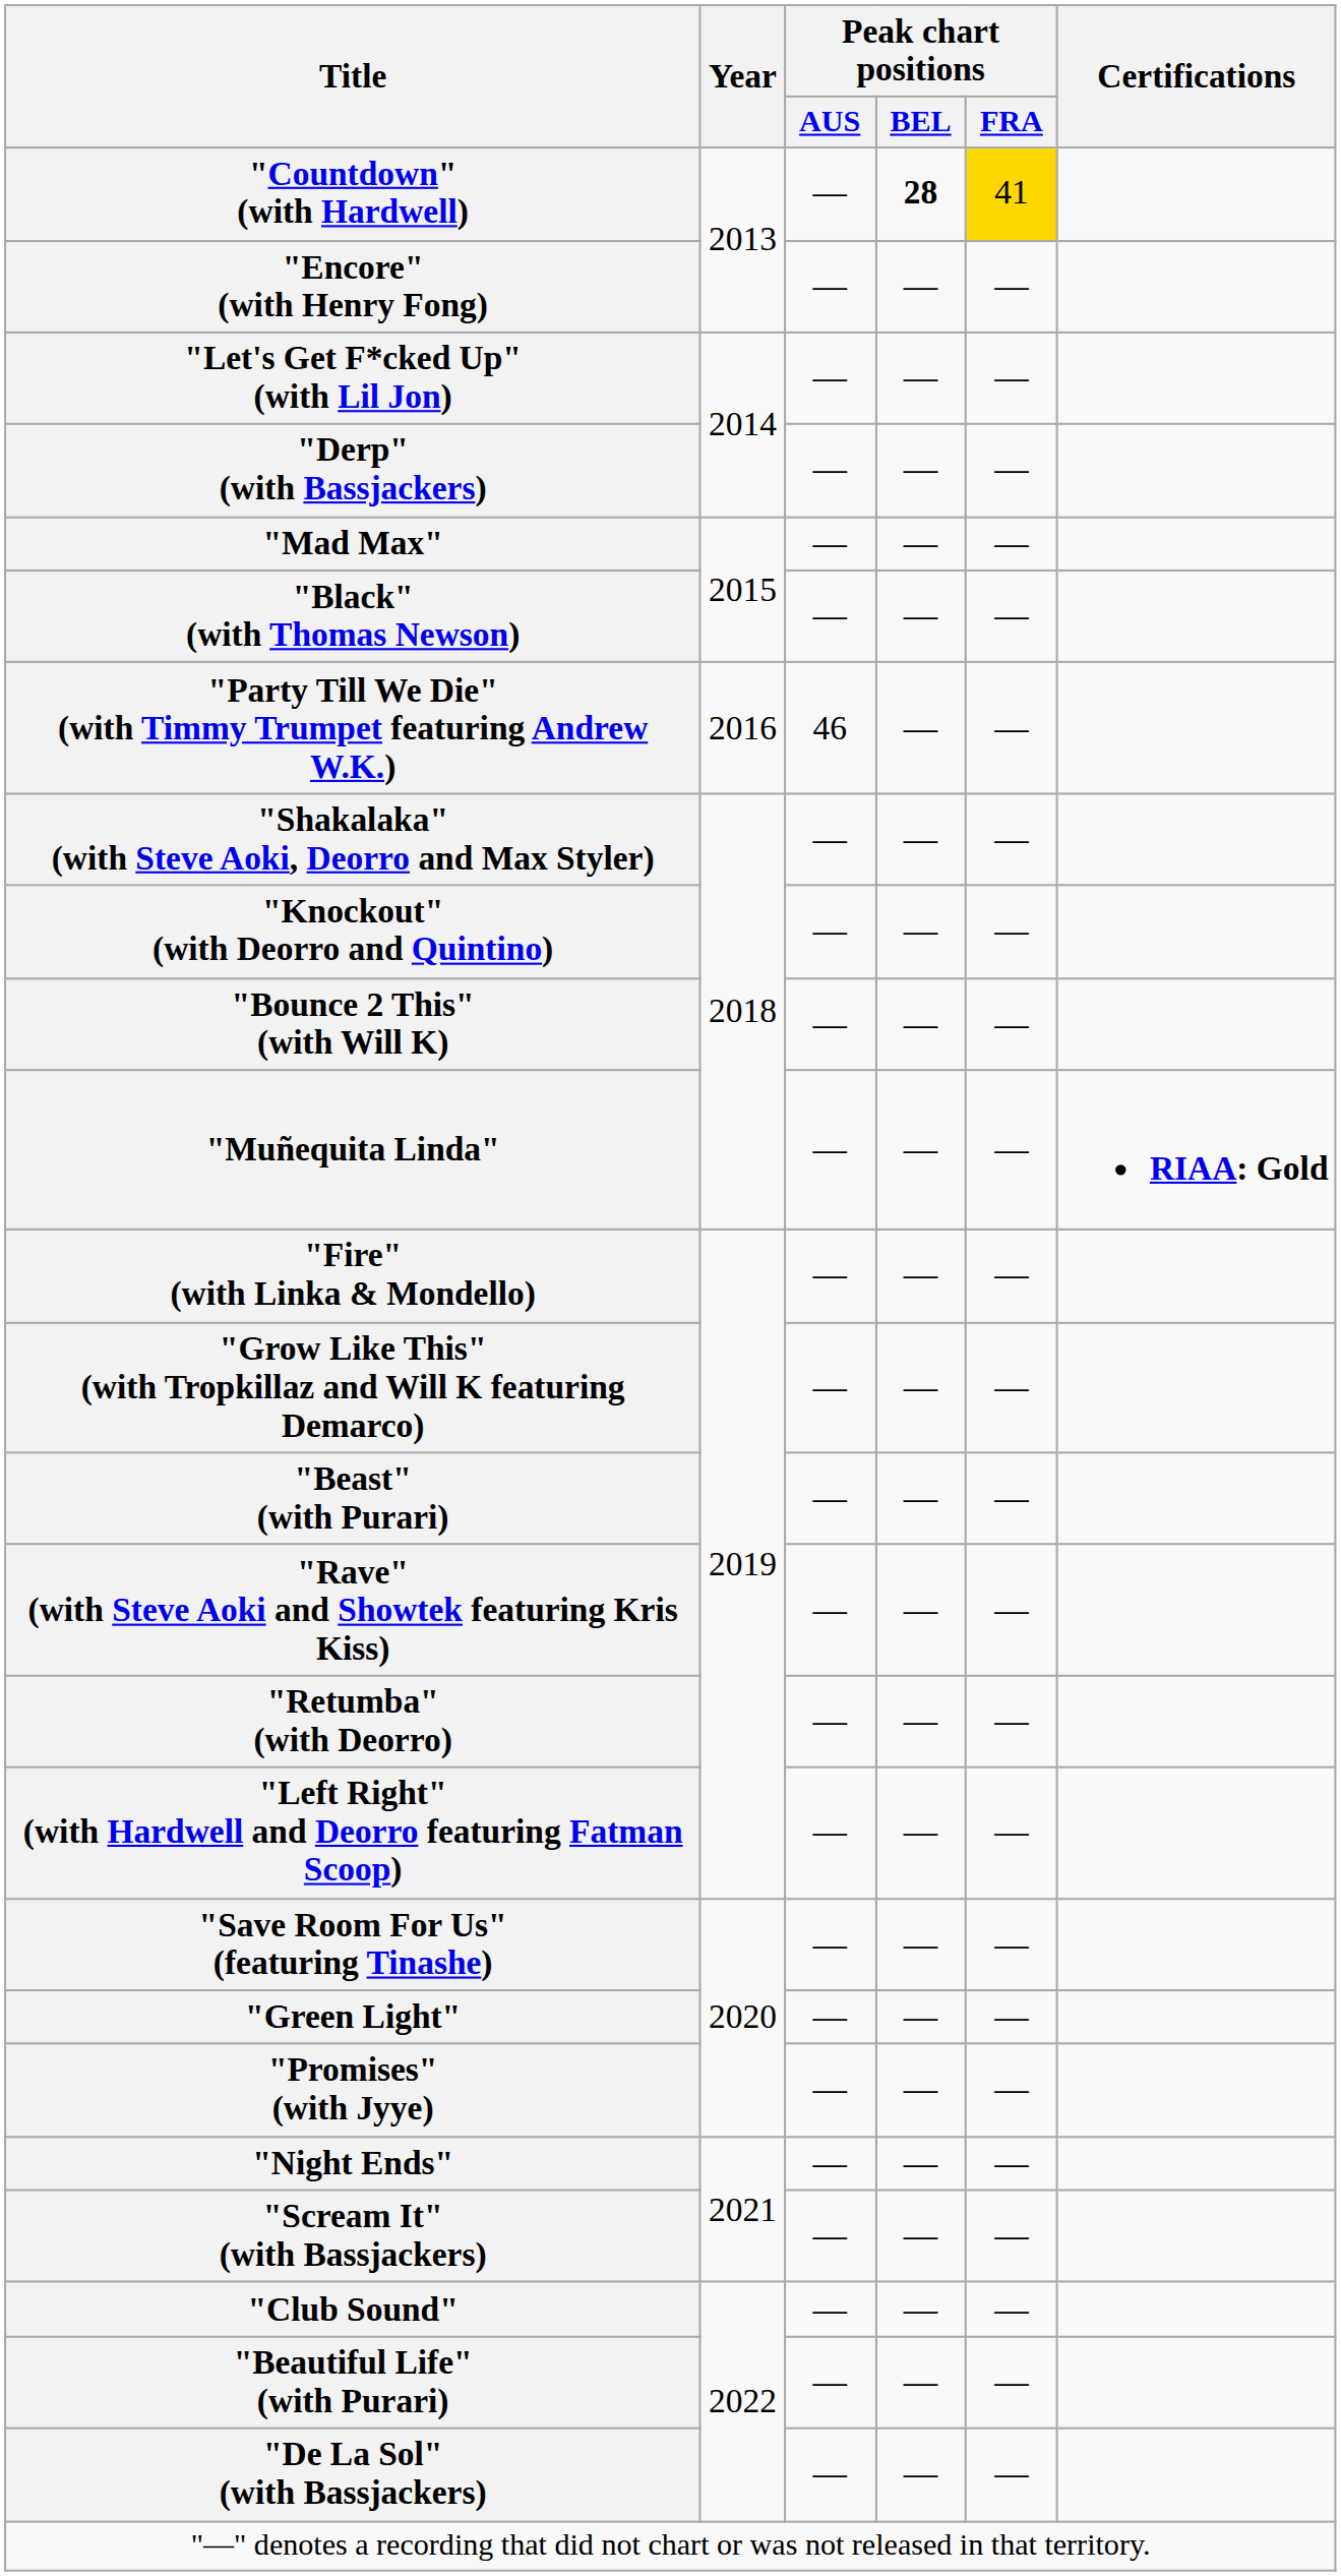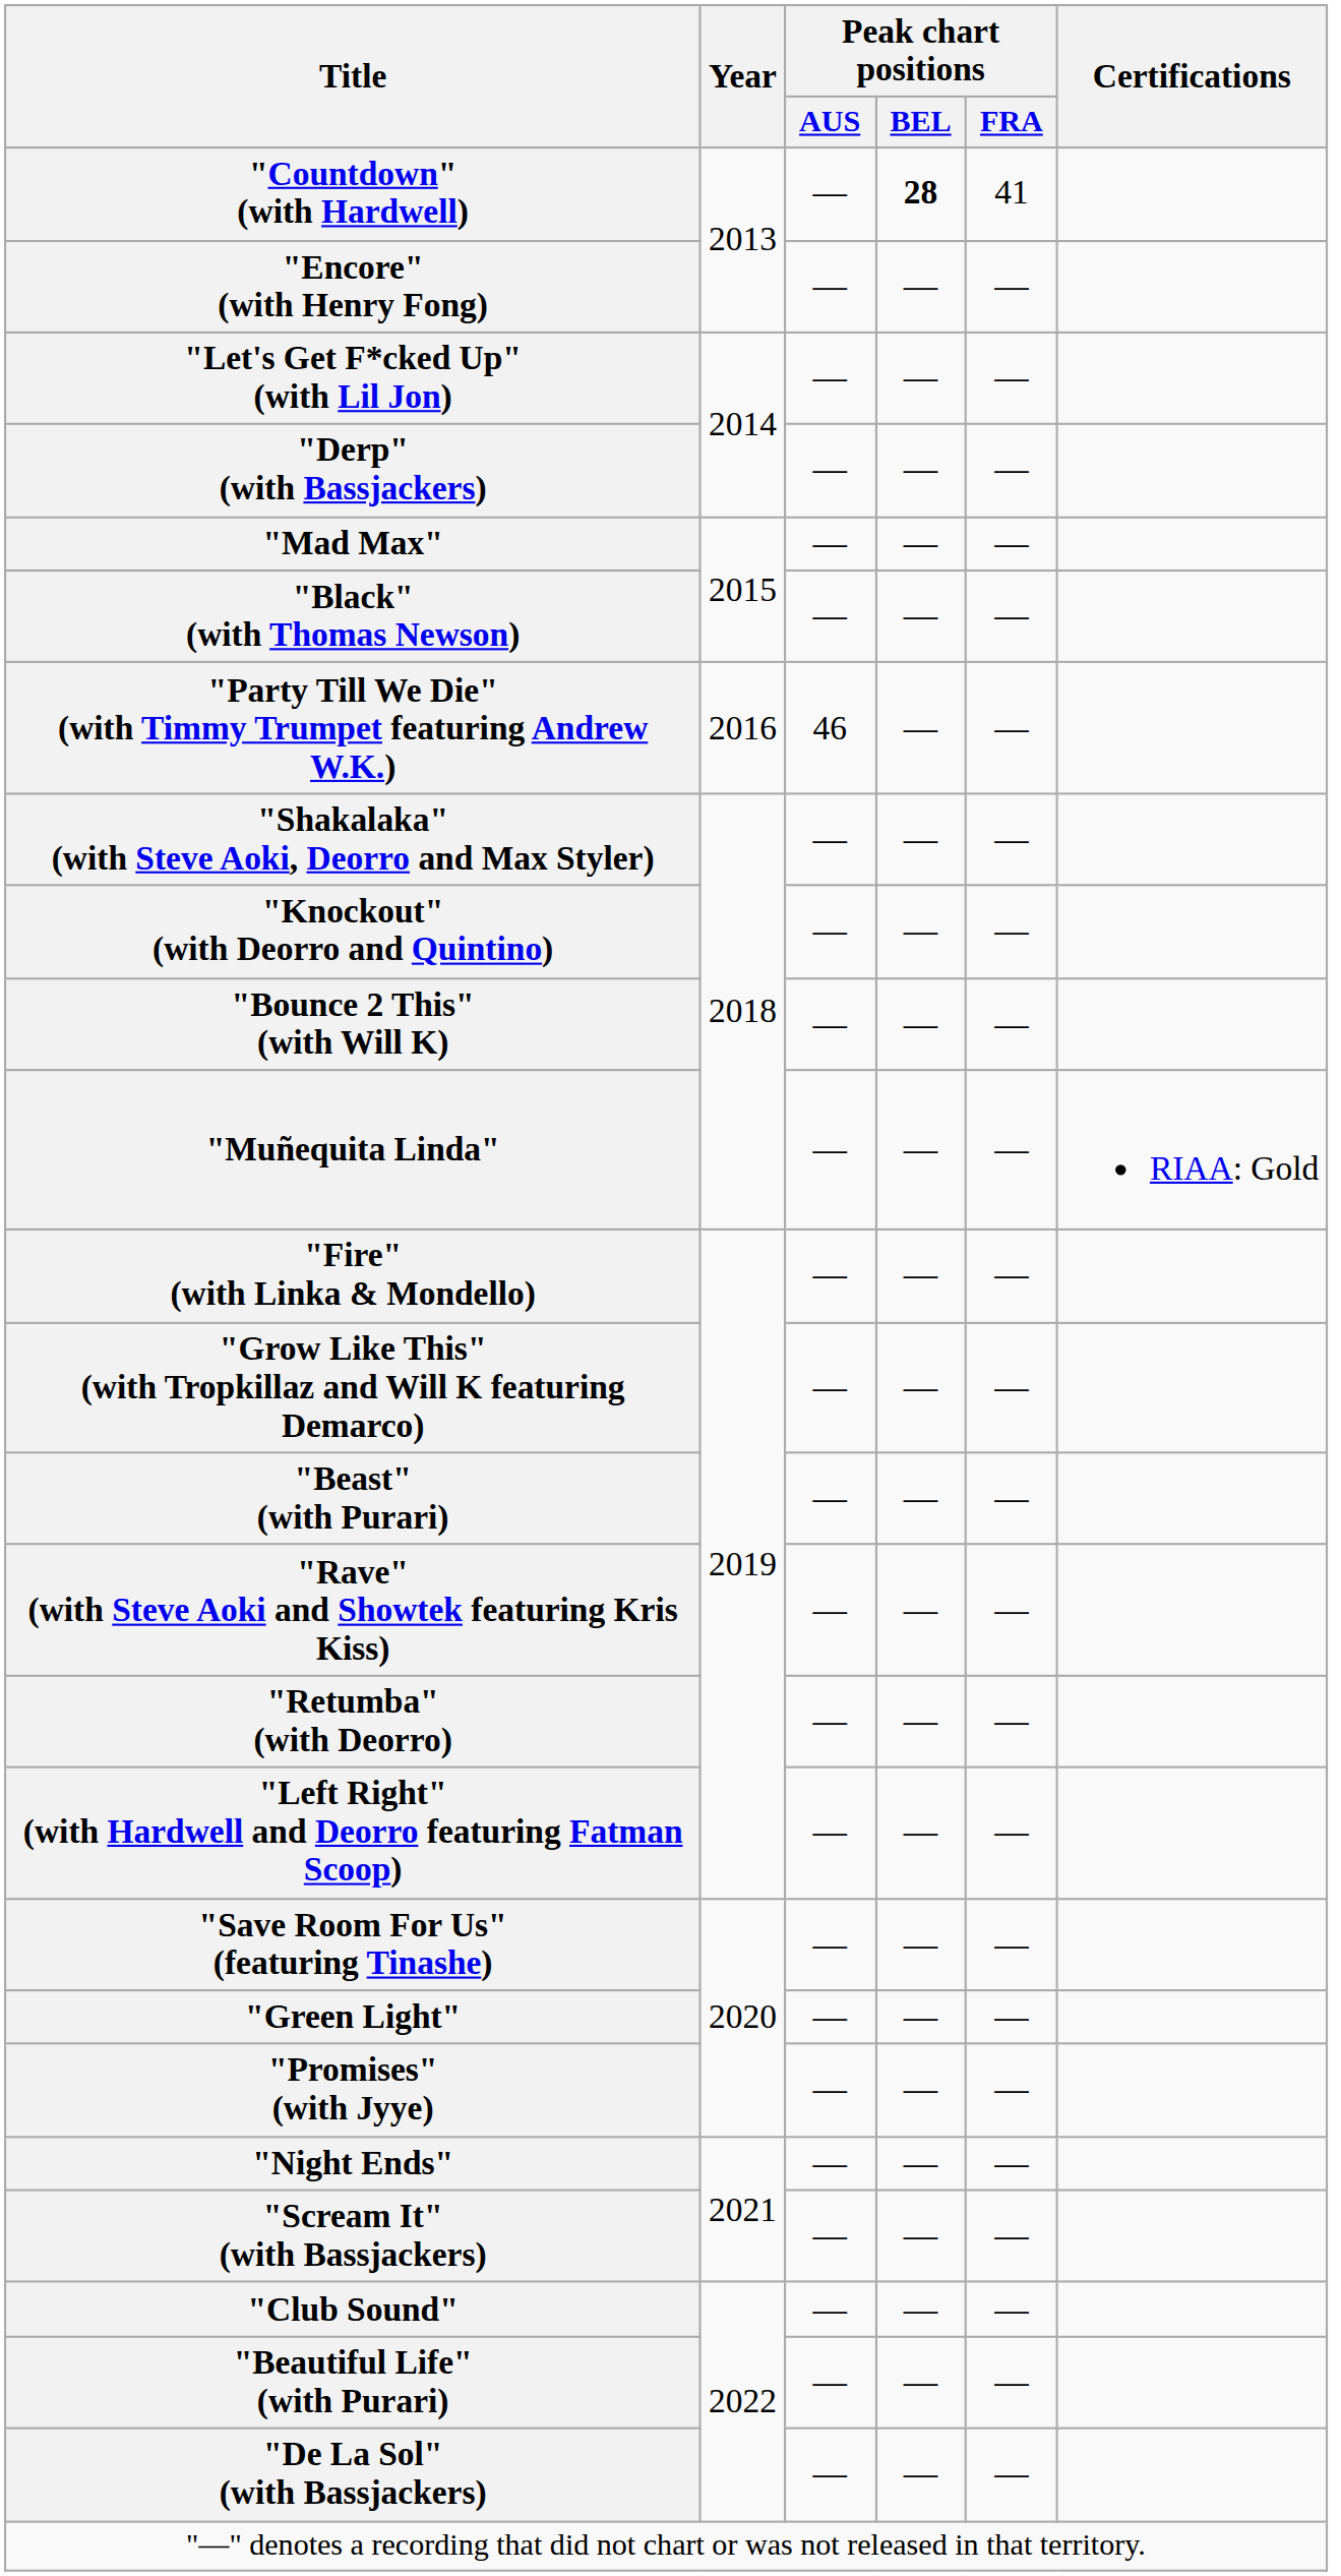 <table class="wikitable plainrowheaders" style="text-align:center;">
 <tr>
 <th scope="col" rowspan="2" style="width:20em;">Title</th>
 <th scope="col" rowspan="2" style="width:1em;">Year</th>
 <th scope="col" colspan="3">Peak chart positions</th>
 <th scope="col" rowspan="2">Certifications</th>
 </tr>
 <tr>
 <th scope="col" style="width:2.5em;font-size:90%;"><a href='#'>AUS</a><br></th>
 <th scope="col" style="width:2.5em;font-size:90%;"><a href='#'>BEL</a></th>
 <th scope="col" style="width:2.5em;font-size:90%;"><a href='#'>FRA</a></th>
 </tr>
 <tr>
 <th scope="row">"<a href='#'>Countdown</a>"<br><span>(with <a href='#'>Hardwell</a>)</span></th>
 <td rowspan="2">2013</td>
 <td>—</td>
 <td><strong>28</strong></td>
-<td style="background: gold;">41</td>
+<td>41</td>
 <td></td>
 </tr>
 <tr>
 <th scope="row">"Encore"<br><span>(with Henry Fong)</span></th>
 <td>—</td>
 <td>—</td>
 <td>—</td>
 <td></td>
 </tr>
 <tr>
 <th scope="row">"Let's Get F*cked Up"<br><span>(with <a href='#'>Lil Jon</a>)</span></th>
 <td rowspan="2">2014</td>
 <td>—</td>
 <td>—</td>
 <td>—</td>
 <td></td>
 </tr>
 <tr>
 <th scope="row">"Derp"<br><span>(with <a href='#'>Bassjackers</a>)</span></th>
 <td>—</td>
 <td>—</td>
 <td>—</td>
 <td></td>
 </tr>
 <tr>
 <th scope="row">"Mad Max"</th>
 <td rowspan="2">2015</td>
 <td>—</td>
 <td>—</td>
 <td>—</td>
 <td></td>
 </tr>
 <tr>
 <th scope="row">"Black"<br><span>(with <a href='#'>Thomas Newson</a>)</span></th>
 <td>—</td>
 <td>—</td>
 <td>—</td>
 <td></td>
 </tr>
 <tr>
 <th scope="row">"Party Till We Die"<br><span>(with <a href='#'>Timmy Trumpet</a> featuring <a href='#'>Andrew W.K.</a>)</span></th>
 <td>2016</td>
 <td>46</td>
 <td>—</td>
 <td>—</td>
 <td></td>
 </tr>
 <tr>
 <th scope="row">"Shakalaka"<br><span>(with <a href='#'>Steve Aoki</a>, <a href='#'>Deorro</a> and Max Styler)</span></th>
 <td rowspan="4">2018</td>
 <td>—</td>
 <td>—</td>
 <td>—</td>
 <td></td>
 </tr>
 <tr>
 <th scope="row">"Knockout"<br><span>(with Deorro and <a href='#'>Quintino</a>)</span></th>
 <td>—</td>
 <td>—</td>
 <td>—</td>
 <td></td>
 </tr>
 <tr>
 <th scope="row">"Bounce 2 This"<br><span>(with Will K)</span></th>
 <td>—</td>
 <td>—</td>
 <td>—</td>
 <td></td>
 </tr>
 <tr>
 <th scope="row">"Muñequita Linda"<br></th>
 <td>—</td>
 <td>—</td>
 <td>—</td>
-<td><strong><br><ul><li><a href='#'>RIAA</a>: Gold </li></ul></strong></td>
+<td><br><ul><li><a href='#'>RIAA</a>: Gold </li></ul></td>
 </tr>
 <tr>
 <th scope="row">"Fire"<br><span>(with Linka & Mondello)</span></th>
 <td rowspan="6">2019</td>
 <td>—</td>
 <td>—</td>
 <td>—</td>
 <td></td>
 </tr>
 <tr>
 <th scope="row">"Grow Like This"<br><span>(with Tropkillaz and Will K featuring Demarco)</span></th>
 <td>—</td>
 <td>—</td>
 <td>—</td>
 <td></td>
 </tr>
 <tr>
 <th scope="row">"Beast"<br><span>(with Purari)</span></th>
 <td>—</td>
 <td>—</td>
 <td>—</td>
 <td></td>
 </tr>
 <tr>
 <th scope="row">"Rave"<br><span>(with <a href='#'>Steve Aoki</a> and <a href='#'>Showtek</a> featuring Kris Kiss)</span></th>
 <td>—</td>
 <td>—</td>
 <td>—</td>
 <td></td>
 </tr>
 <tr>
 <th scope="row">"Retumba"<br><span>(with Deorro)</span></th>
 <td>—</td>
 <td>—</td>
 <td>—</td>
 <td></td>
 </tr>
 <tr>
 <th scope="row">"Left Right"<br><span>(with <a href='#'>Hardwell</a> and <a href='#'>Deorro</a> featuring <a href='#'>Fatman Scoop</a>)</span></th>
 <td>—</td>
 <td>—</td>
 <td>—</td>
 <td></td>
 </tr>
 <tr>
 <th scope="row">"Save Room For Us"<br><span>(featuring <a href='#'>Tinashe</a>)</span></th>
 <td rowspan="3">2020</td>
 <td>—</td>
 <td>—</td>
 <td>—</td>
 <td></td>
 </tr>
 <tr>
 <th scope="row">"Green Light"</th>
 <td>—</td>
 <td>—</td>
 <td>—</td>
 <td></td>
 </tr>
 <tr>
 <th scope="row">"Promises" <br><span>(with Jyye)</span></th>
 <td>—</td>
 <td>—</td>
 <td>—</td>
 <td></td>
 </tr>
 <tr>
 <th scope="row">"Night Ends"</th>
 <td rowspan="2">2021</td>
 <td>—</td>
 <td>—</td>
 <td>—</td>
 <td></td>
 </tr>
 <tr>
 <th scope="row">"Scream It" <br><span>(with Bassjackers)</span></th>
 <td>—</td>
 <td>—</td>
 <td>—</td>
 <td></td>
 </tr>
 <tr>
 <th scope="row">"Club Sound"</th>
 <td rowspan="3">2022</td>
 <td>—</td>
 <td>—</td>
 <td>—</td>
 <td></td>
 </tr>
 <tr>
 <th scope="row">"Beautiful Life" <br><span>(with Purari)</span></th>
 <td>—</td>
 <td>—</td>
 <td>—</td>
 <td></td>
 </tr>
 <tr>
 <th scope="row">"De La Sol" <br><span>(with Bassjackers)</span></th>
 <td>—</td>
 <td>—</td>
 <td>—</td>
 <td></td>
 </tr>
 <tr>
 <td colspan="6" style="font-size:90%">"—" denotes a recording that did not chart or was not released in that territory.</td>
 </tr>
 </table>
